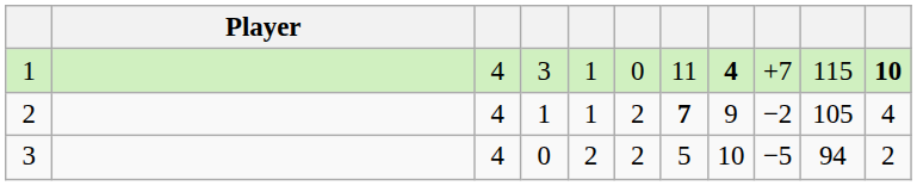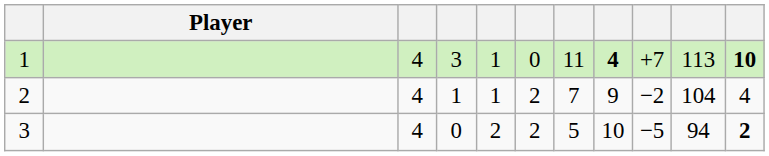 <table class="wikitable" style="text-align:center; margin: 1em auto 1em auto, align:left">
 <tr>
 <th width=20></th>
 <th width=240>Player</th>
 <th width=20></th>
 <th width=20></th>
 <th width=20></th>
 <th width=20></th>
 <th width=20></th>
 <th width=20></th>
 <th width=20></th>
 <th width=30></th>
 <th width=20></th>
 </tr>
 <tr style="background:#D0F0C0;">
 <td>1</td>
 <td align=left></td>
 <td>4</td>
 <td>3</td>
 <td>1</td>
 <td>0</td>
 <td>11</td>
 <td><strong>4</strong></td>
 <td>+7</td>
-<td>115</td>
+<td>113</td>
 <td><strong>10</strong></td>
 </tr>
 <tr style=>
 <td>2</td>
 <td align=left></td>
 <td>4</td>
 <td>1</td>
 <td>1</td>
 <td>2</td>
-<td><strong>7</strong></td>
+<td>7</td>
 <td>9</td>
 <td>−2</td>
-<td>105</td>
+<td>104</td>
 <td>4</td>
 </tr>
 <tr style=>
 <td>3</td>
 <td align=left></td>
 <td>4</td>
 <td>0</td>
 <td>2</td>
 <td>2</td>
 <td>5</td>
 <td>10</td>
 <td>−5</td>
 <td>94</td>
-<td>2</td>
+<td><strong>2</strong></td>
 </tr>
 </table>
